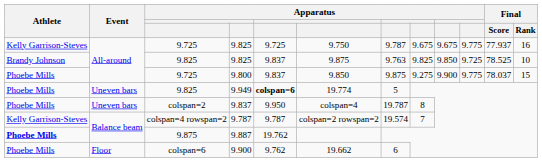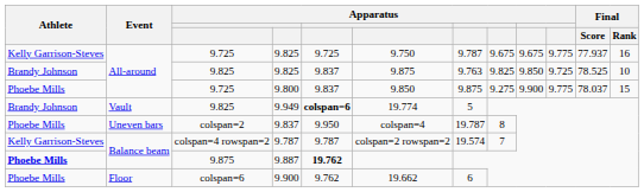 <table class=wikitable style=font-size:90%;text-align:center>
 <tr>
 <th rowspan=3>Athlete</th>
 <th rowspan=3>Event</th>
 <th colspan=8>Apparatus</th>
 <th colspan=2 rowspan=2>Final</th>
 </tr>
 <tr style=font-size:95%>
 <th colspan=2></th>
 <th colspan=2></th>
 <th colspan=2></th>
 <th colspan=2></th>
 </tr>
 <tr style=font-size:95%>
 <th></th>
 <th></th>
 <th></th>
 <th></th>
 <th></th>
 <th></th>
 <th></th>
 <th></th>
 <th>Score</th>
 <th>Rank</th>
 </tr>
 <tr>
 <td align=left><a href='#'>Kelly Garrison-Steves</a></td>
 <td align=left rowspan=3><a href='#'>All-around</a></td>
 <td>9.725</td>
 <td>9.825</td>
 <td>9.725</td>
 <td>9.750</td>
 <td>9.787</td>
 <td>9.675</td>
 <td>9.675</td>
 <td>9.775</td>
 <td>77.937</td>
 <td>16</td>
 </tr>
 <tr>
 <td align=left><a href='#'>Brandy Johnson</a></td>
 <td>9.825</td>
 <td>9.825</td>
 <td>9.837</td>
 <td>9.875</td>
 <td>9.763</td>
 <td>9.825</td>
 <td>9.850</td>
 <td>9.725</td>
 <td>78.525</td>
 <td>10</td>
 </tr>
 <tr>
 <td align=left><a href='#'>Phoebe Mills</a></td>
 <td>9.725</td>
 <td>9.800</td>
 <td>9.837</td>
 <td>9.850</td>
 <td>9.875</td>
 <td>9.275</td>
 <td>9.900</td>
 <td>9.775</td>
 <td>78.037</td>
 <td>15</td>
 </tr>
 <tr>
-<td align=left><a href='#'>Phoebe Mills</a></td>
-<td align=left><a href='#'>Uneven bars</a></td>
+<td align=left><a href='#'>Brandy Johnson</a></td>
+<td align=left><a href='#'>Vault</a></td>
 <td>9.825</td>
 <td>9.949</td>
 <td><strong>colspan=6 </strong></td>
 <td>19.774</td>
 <td>5</td>
 </tr>
 <tr>
 <td align=left><a href='#'>Phoebe Mills</a></td>
 <td align=left><a href='#'>Uneven bars</a></td>
 <td>colspan=2 </td>
 <td>9.837</td>
 <td>9.950</td>
 <td>colspan=4 </td>
 <td>19.787</td>
 <td>8</td>
 </tr>
 <tr>
 <td align=left><a href='#'>Kelly Garrison-Steves</a></td>
 <td align=left rowspan=2><a href='#'>Balance beam</a></td>
 <td>colspan=4 rowspan=2 </td>
 <td>9.787</td>
 <td>9.787</td>
 <td>colspan=2 rowspan=2 </td>
 <td>19.574</td>
 <td>7</td>
 </tr>
 <tr>
 <td align=left><strong><a href='#'>Phoebe Mills</a></strong></td>
 <td>9.875</td>
 <td>9.887</td>
-<td>19.762</td>
+<td><strong>19.762</strong></td>
 <td></td>
 </tr>
 <tr>
 <td align=left><a href='#'>Phoebe Mills</a></td>
 <td align=left><a href='#'>Floor</a></td>
 <td>colspan=6 </td>
 <td>9.900</td>
 <td>9.762</td>
 <td>19.662</td>
 <td>6</td>
 </tr>
 </table>
